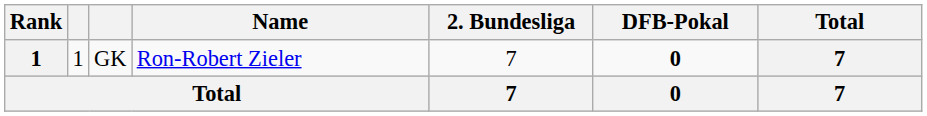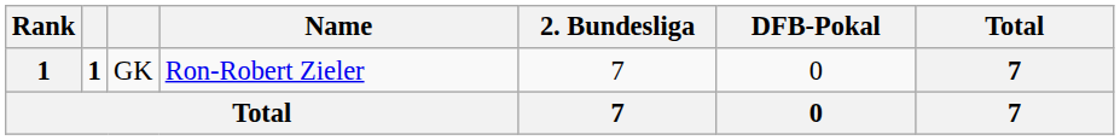 <table class="wikitable" style="text-align:center;">
 <tr>
 <th>Rank</th>
 <th></th>
 <th></th>
 <th width=205>Name</th>
 <th width=110>2. Bundesliga</th>
 <th width=110>DFB-Pokal</th>
 <th width=110>Total</th>
 </tr>
 <tr>
 <th>1</th>
-<td>1</td>
+<td><strong>1</strong></td>
 <td>GK</td>
 <td align="left"> <a href='#'>Ron-Robert Zieler</a></td>
 <td>7</td>
-<td><strong>0</strong></td>
+<td>0</td>
 <th>7</th>
 </tr>
 <tr>
 <th colspan=4>Total</th>
 <th>7</th>
 <th>0</th>
 <th>7</th>
 </tr>
 </table>
